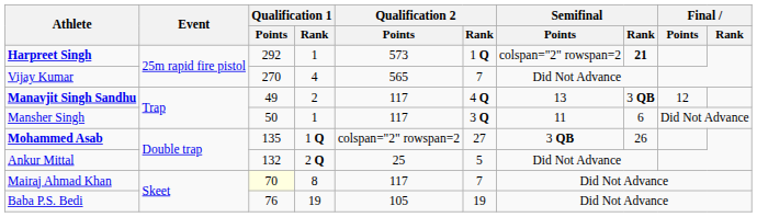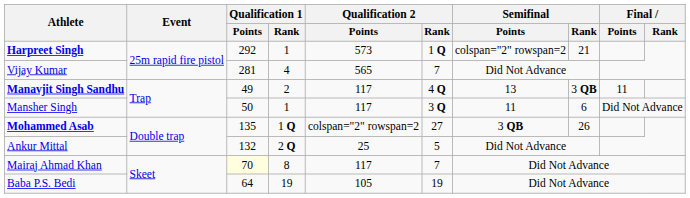 <table class=wikitable style="text-align:center; font-size:90%">
 <tr>
 <th rowspan=2>Athlete</th>
 <th rowspan=2>Event</th>
 <th colspan=2>Qualification 1</th>
 <th colspan=2>Qualification 2</th>
 <th colspan=2>Semifinal</th>
 <th colspan=2>Final / </th>
 </tr>
 <tr style="font-size:95%">
 <th>Points</th>
 <th>Rank</th>
 <th>Points</th>
 <th>Rank</th>
 <th>Points</th>
 <th>Rank</th>
 <th>Points</th>
 <th>Rank</th>
 </tr>
 <tr>
 <td align=left><strong><a href='#'>Harpreet Singh</a></strong></td>
 <td align=left rowspan=2><a href='#'>25m rapid fire pistol</a></td>
 <td>292</td>
 <td>1</td>
 <td>573</td>
 <td>1 <strong>Q</strong></td>
 <td>colspan="2" rowspan=2 </td>
-<td><strong>21</strong></td>
+<td>21</td>
 <td></td>
 </tr>
 <tr>
 <td align=left><a href='#'>Vijay Kumar</a></td>
-<td>270</td>
+<td>281</td>
 <td>4</td>
 <td>565</td>
 <td>7</td>
 <td colspan="2">Did Not Advance</td>
 </tr>
 <tr>
 <td align=left><strong><a href='#'>Manavjit Singh Sandhu</a></strong></td>
 <td align=left rowspan=2><a href='#'>Trap</a></td>
 <td>49</td>
 <td>2</td>
 <td>117</td>
 <td>4 <strong>Q</strong></td>
 <td>13</td>
 <td>3 <strong>QB</strong></td>
-<td>12</td>
+<td>11</td>
 <td></td>
 </tr>
 <tr>
 <td align=left><a href='#'>Mansher Singh</a></td>
 <td>50</td>
 <td>1</td>
 <td>117</td>
 <td>3 <strong>Q</strong></td>
 <td>11</td>
 <td>6</td>
 <td colspan="2">Did Not Advance</td>
 </tr>
 <tr>
 <td align=left><strong><a href='#'>Mohammed Asab</a></strong></td>
 <td align=left rowspan=2><a href='#'>Double trap</a></td>
 <td>135</td>
 <td>1 <strong>Q</strong></td>
 <td>colspan="2" rowspan=2 </td>
 <td>27</td>
 <td>3 <strong>QB</strong></td>
 <td>26</td>
 <td></td>
 </tr>
 <tr>
 <td align=left><a href='#'>Ankur Mittal</a></td>
 <td>132</td>
 <td>2 <strong>Q</strong></td>
 <td>25</td>
 <td>5</td>
 <td colspan="2">Did Not Advance</td>
 </tr>
 <tr>
 <td align=left><a href='#'>Mairaj Ahmad Khan</a></td>
 <td align=left rowspan=2><a href='#'>Skeet</a></td>
 <td style="background: lightyellow;">70</td>
 <td>8</td>
 <td>117</td>
 <td>7</td>
 <td colspan="4">Did Not Advance</td>
 </tr>
 <tr>
 <td align=left><a href='#'>Baba P.S. Bedi</a></td>
-<td>76</td>
+<td>64</td>
 <td>19</td>
 <td>105</td>
 <td>19</td>
 <td colspan="4">Did Not Advance</td>
 </tr>
 </table>
